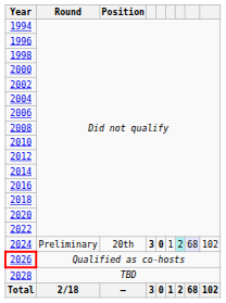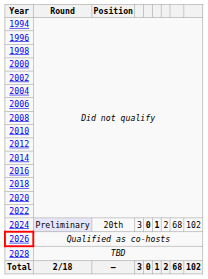 <table class="wikitable" style="text-align: center;">
 <tr>
 <th>Year</th>
 <th>Round</th>
 <th>Position</th>
 <th></th>
 <th></th>
 <th></th>
 <th></th>
 <th></th>
 <th></th>
 </tr>
 <tr>
 <td> <a href='#'>1994</a></td>
 <td colspan=8 rowspan=15><em>Did not qualify</em></td>
 </tr>
 <tr>
 <td> <a href='#'>1996</a></td>
 </tr>
 <tr>
 <td> <a href='#'>1998</a></td>
 </tr>
 <tr>
 <td> <a href='#'>2000</a></td>
 </tr>
 <tr>
 <td> <a href='#'>2002</a></td>
 </tr>
 <tr>
 <td> <a href='#'>2004</a></td>
 </tr>
 <tr>
 <td> <a href='#'>2006</a></td>
 </tr>
 <tr>
 <td> <a href='#'>2008</a></td>
 </tr>
 <tr>
 <td> <a href='#'>2010</a></td>
 </tr>
 <tr>
 <td> <a href='#'>2012</a></td>
 </tr>
 <tr>
 <td> <a href='#'>2014</a></td>
 </tr>
 <tr>
 <td> <a href='#'>2016</a></td>
 </tr>
 <tr>
 <td> <a href='#'>2018</a></td>
 </tr>
 <tr>
 <td> <a href='#'>2020</a></td>
 </tr>
 <tr>
 <td> <a href='#'>2022</a></td>
 </tr>
 <tr>
 <td> <a href='#'>2024</a></td>
-<td>Preliminary</td>
+<td style="background: lavender;">Preliminary</td>
 <td>20th</td>
-<td><strong>3</strong></td>
+<td>3</td>
 <td><strong>0</strong></td>
-<td>1</td>
-<td style="background: paleturquoise;">2</td>
-<td style="background: lavender;">68</td>
+<td><strong>1</strong></td>
+<td>2</td>
+<td>68</td>
 <td>102</td>
 </tr>
 <tr>
 <td style="border: 3px solid red"> <a href='#'>2026</a></td>
 <td colspan=8><em>Qualified as co-hosts</em></td>
 </tr>
 <tr>
 <td> <a href='#'>2028</a></td>
 <td colspan=8><em>TBD</em></td>
 </tr>
 <tr>
 <th>Total</th>
 <th>2/18</th>
 <th>–</th>
 <th>3</th>
 <th>0</th>
 <th>1</th>
 <th>2</th>
 <th>68</th>
 <th>102</th>
 </tr>
 </table>
